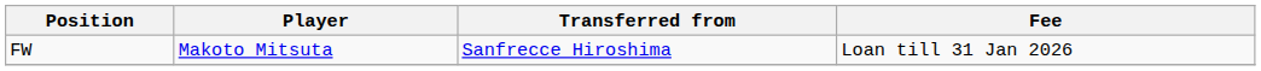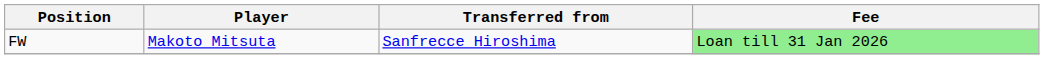 <table class="wikitable sortable" style="width:70%; text-align:center; font-size:100%; text-align:left;">
 <tr>
 <th>Position</th>
 <th>Player</th>
 <th>Transferred from</th>
 <th>Fee</th>
 </tr>
 <tr>
 <td>FW</td>
 <td> <a href='#'>Makoto Mitsuta</a></td>
 <td> <a href='#'>Sanfrecce Hiroshima</a></td>
-<td>Loan till 31 Jan 2026 </td>
+<td style="background: lightgreen;">Loan till 31 Jan 2026 </td>
 </tr>
 <tr>
 </tr>
 </table>
